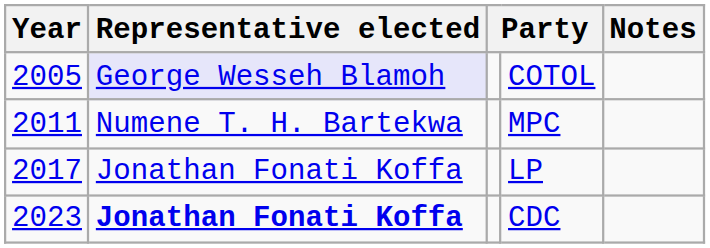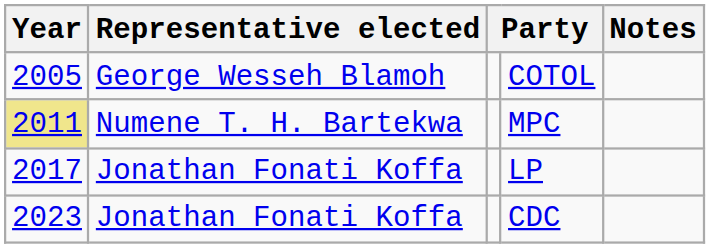 <table class="wikitable">
 <tr>
 <th>Year</th>
 <th>Representative elected</th>
 <th colspan=2>Party</th>
 <th>Notes</th>
 </tr>
 <tr>
 <td><a href='#'>2005</a></td>
-<td style="background: lavender;"><a href='#'>George Wesseh Blamoh</a></td>
+<td><a href='#'>George Wesseh Blamoh</a></td>
 <td></td>
 <td><a href='#'>COTOL</a></td>
 <td></td>
 </tr>
 <tr>
-<td><a href='#'>2011</a></td>
+<td style="background: khaki;"><a href='#'>2011</a></td>
 <td><a href='#'>Numene T. H. Bartekwa</a></td>
 <td></td>
 <td><a href='#'>MPC</a></td>
 <td></td>
 </tr>
 <tr>
 <td><a href='#'>2017</a></td>
 <td><a href='#'>Jonathan Fonati Koffa</a></td>
 <td></td>
 <td><a href='#'>LP</a></td>
 <td></td>
 </tr>
 <tr>
 <td><a href='#'>2023</a></td>
-<td><strong><a href='#'>Jonathan Fonati Koffa</a></strong></td>
+<td><a href='#'>Jonathan Fonati Koffa</a></td>
 <td></td>
 <td><a href='#'>CDC</a></td>
 <td></td>
 </tr>
 </table>
